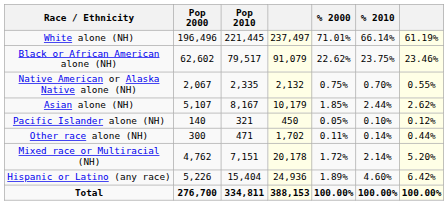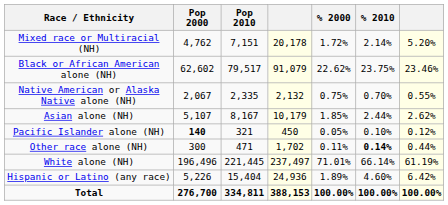 <table class="wikitable" style="text-align:center;">
 <tr>
 <th>Race / Ethnicity</th>
 <th>Pop 2000</th>
 <th>Pop 2010</th>
 <th></th>
 <th>% 2000</th>
 <th>% 2010</th>
 <th></th>
 </tr>
 <tr>
-<td><a href='#'>White</a> alone (NH)</td>
-<td>196,496</td>
-<td>221,445</td>
-<td style='background: #ffffe6;'>237,497</td>
-<td>71.01%</td>
-<td>66.14%</td>
-<td style='background: #ffffe6;'>61.19%</td>
+<td><a href='#'>Mixed race or Multiracial</a> (NH)</td>
+<td>4,762</td>
+<td>7,151</td>
+<td style='background: #ffffe6;'>20,178</td>
+<td>1.72%</td>
+<td>2.14%</td>
+<td style='background: #ffffe6;'>5.20%</td>
 </tr>
 <tr>
 <td><a href='#'>Black or African American</a> alone (NH)</td>
 <td>62,602</td>
 <td>79,517</td>
 <td style='background: #ffffe6;'>91,079</td>
 <td>22.62%</td>
 <td>23.75%</td>
 <td style='background: #ffffe6;'>23.46%</td>
 </tr>
 <tr>
 <td><a href='#'>Native American</a> or <a href='#'>Alaska Native</a> alone (NH)</td>
 <td>2,067</td>
 <td>2,335</td>
 <td style='background: #ffffe6;'>2,132</td>
 <td>0.75%</td>
 <td>0.70%</td>
 <td style='background: #ffffe6;'>0.55%</td>
 </tr>
 <tr>
 <td><a href='#'>Asian</a> alone (NH)</td>
 <td>5,107</td>
 <td>8,167</td>
 <td style='background: #ffffe6;'>10,179</td>
 <td>1.85%</td>
 <td>2.44%</td>
 <td style='background: #ffffe6;'>2.62%</td>
 </tr>
 <tr>
 <td><a href='#'>Pacific Islander</a> alone (NH)</td>
-<td>140</td>
+<td><strong>140</strong></td>
 <td>321</td>
 <td style='background: #ffffe6;'>450</td>
 <td>0.05%</td>
 <td>0.10%</td>
 <td style='background: #ffffe6;'>0.12%</td>
 </tr>
 <tr>
 <td><a href='#'>Other race</a> alone (NH)</td>
 <td>300</td>
 <td>471</td>
 <td style='background: #ffffe6;'>1,702</td>
 <td>0.11%</td>
-<td>0.14%</td>
+<td><strong>0.14%</strong></td>
 <td style='background: #ffffe6;'>0.44%</td>
 </tr>
 <tr>
-<td><a href='#'>Mixed race or Multiracial</a> (NH)</td>
-<td>4,762</td>
-<td>7,151</td>
-<td style='background: #ffffe6;'>20,178</td>
-<td>1.72%</td>
-<td>2.14%</td>
-<td style='background: #ffffe6;'>5.20%</td>
+<td><a href='#'>White</a> alone (NH)</td>
+<td>196,496</td>
+<td>221,445</td>
+<td style='background: #ffffe6;'>237,497</td>
+<td>71.01%</td>
+<td>66.14%</td>
+<td style='background: #ffffe6;'>61.19%</td>
 </tr>
 <tr>
 <td><a href='#'>Hispanic or Latino</a> (any race)</td>
 <td>5,226</td>
 <td>15,404</td>
 <td style='background: #ffffe6;'>24,936</td>
 <td>1.89%</td>
 <td>4.60%</td>
 <td style='background: #ffffe6;'>6.42%</td>
 </tr>
 <tr>
 <td><strong>Total</strong></td>
 <td><strong>276,700</strong></td>
 <td><strong>334,811</strong></td>
 <td style='background: #ffffe6;'><strong>388,153</strong></td>
 <td><strong>100.00%</strong></td>
 <td><strong>100.00%</strong></td>
 <td style='background: #ffffe6;'><strong>100.00%</strong></td>
 </tr>
 </table>
